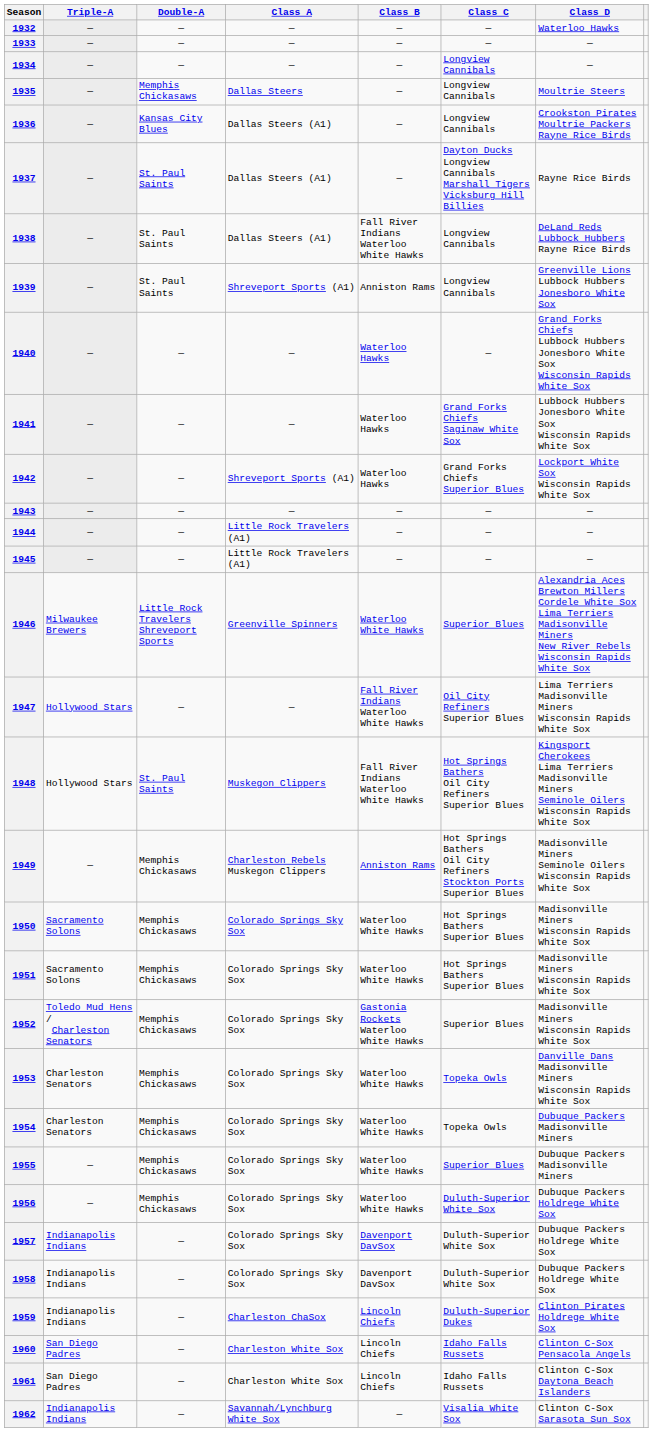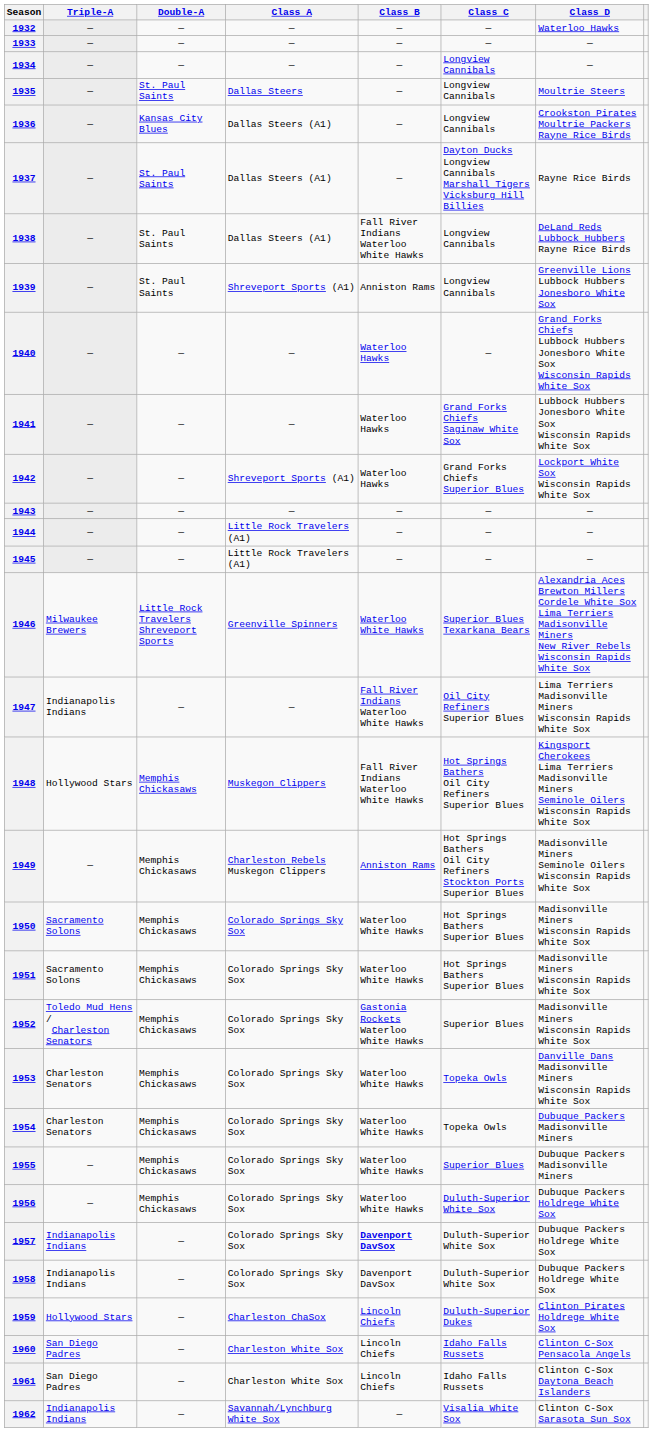 <table class="wikitable plainrowheaders">
 <tr>
 <th scope="col">Season</th>
 <th scope="col"><a href='#'><span>Triple-A</span></a></th>
 <th scope="col"><a href='#'><span>Double-A</span></a></th>
 <th scope="col"><a href='#'><span>Class A</span></a></th>
 <th scope="col"><a href='#'><span>Class B</span></a></th>
 <th scope="col"><a href='#'><span>Class C</span></a></th>
 <th scope="col"><a href='#'><span>Class D</span></a></th>
 <th scope="col"></th>
 </tr>
 <tr>
 <th scope="row" style="text-align:center"><a href='#'>1932</a></th>
 <td style="background:#ececec" align="center">—</td>
 <td align="center">—</td>
 <td align="center">—</td>
 <td align="center">—</td>
 <td align="center">—</td>
 <td><a href='#'>Waterloo Hawks</a></td>
 <td align="center"></td>
 </tr>
 <tr>
 <th scope="row" style="text-align:center"><a href='#'>1933</a></th>
 <td style="background:#ececec" align="center">—</td>
 <td align="center">—</td>
 <td align="center">—</td>
 <td align="center">—</td>
 <td align="center">—</td>
 <td align="center">—</td>
 <td align="center"></td>
 </tr>
 <tr>
 <th scope="row" style="text-align:center"><a href='#'>1934</a></th>
 <td style="background:#ececec" align="center">—</td>
 <td align="center">—</td>
 <td align="center">—</td>
 <td align="center">—</td>
 <td><a href='#'>Longview Cannibals</a></td>
 <td align="center">—</td>
 <td align="center"></td>
 </tr>
 <tr>
 <th scope="row" style="text-align:center"><a href='#'>1935</a></th>
 <td style="background:#ececec" align="center">—</td>
-<td><a href='#'>Memphis Chickasaws</a></td>
+<td><a href='#'>St. Paul Saints</a></td>
 <td><a href='#'>Dallas Steers</a></td>
 <td align="center">—</td>
 <td>Longview Cannibals</td>
 <td><a href='#'>Moultrie Steers</a></td>
 <td align="center"></td>
 </tr>
 <tr>
 <th scope="row" style="text-align:center"><a href='#'>1936</a></th>
 <td style="background:#ececec" align="center">—</td>
 <td><a href='#'>Kansas City Blues</a></td>
 <td>Dallas Steers (A1)</td>
 <td align="center">—</td>
 <td>Longview Cannibals</td>
 <td><a href='#'>Crookston Pirates</a><br><a href='#'>Moultrie Packers</a><br><a href='#'>Rayne Rice Birds</a></td>
 <td align="center"></td>
 </tr>
 <tr>
 <th scope="row" style="text-align:center"><a href='#'>1937</a></th>
 <td style="background:#ececec" align="center">—</td>
 <td><a href='#'>St. Paul Saints</a></td>
 <td>Dallas Steers (A1)</td>
 <td align="center">—</td>
 <td><a href='#'>Dayton Ducks</a><br>Longview Cannibals<br><a href='#'>Marshall Tigers</a><br><a href='#'>Vicksburg Hill Billies</a></td>
 <td>Rayne Rice Birds</td>
 <td align="center"></td>
 </tr>
 <tr>
 <th scope="row" style="text-align:center"><a href='#'>1938</a></th>
 <td style="background:#ececec" align="center">—</td>
 <td>St. Paul Saints</td>
 <td>Dallas Steers (A1)</td>
 <td>Fall River Indians<br>Waterloo White Hawks</td>
 <td>Longview Cannibals</td>
 <td><a href='#'>DeLand Reds</a><br><a href='#'>Lubbock Hubbers</a><br>Rayne Rice Birds</td>
 <td align="center"></td>
 </tr>
 <tr>
 <th scope="row" style="text-align:center"><a href='#'>1939</a></th>
 <td style="background:#ececec" align="center">—</td>
 <td>St. Paul Saints</td>
 <td><a href='#'>Shreveport Sports</a> (A1)</td>
 <td>Anniston Rams</td>
 <td>Longview Cannibals</td>
 <td><a href='#'>Greenville Lions</a><br>Lubbock Hubbers<br><a href='#'>Jonesboro White Sox</a></td>
 <td align="center"></td>
 </tr>
 <tr>
 <th scope="row" style="text-align:center"><a href='#'>1940</a></th>
 <td style="background:#ececec" align="center">—</td>
 <td align="center">—</td>
 <td align="center">—</td>
 <td><a href='#'>Waterloo Hawks</a></td>
 <td align="center">—</td>
 <td><a href='#'>Grand Forks Chiefs</a><br>Lubbock Hubbers<br>Jonesboro White Sox<br><a href='#'>Wisconsin Rapids White Sox</a></td>
 <td align="center"></td>
 </tr>
 <tr>
 <th scope="row" style="text-align:center"><a href='#'>1941</a></th>
 <td style="background:#ececec" align="center">—</td>
 <td align="center">—</td>
 <td align="center">—</td>
 <td>Waterloo Hawks</td>
 <td><a href='#'>Grand Forks Chiefs</a><br><a href='#'>Saginaw White Sox</a></td>
 <td>Lubbock Hubbers<br>Jonesboro White Sox<br>Wisconsin Rapids White Sox</td>
 <td align="center"></td>
 </tr>
 <tr>
 <th scope="row" style="text-align:center"><a href='#'>1942</a></th>
 <td style="background:#ececec" align="center">—</td>
 <td align="center">—</td>
 <td><a href='#'>Shreveport Sports</a> (A1)</td>
 <td>Waterloo Hawks</td>
 <td>Grand Forks Chiefs<br><a href='#'>Superior Blues</a></td>
 <td><a href='#'>Lockport White Sox</a><br>Wisconsin Rapids White Sox</td>
 <td align="center"></td>
 </tr>
 <tr>
 <th scope="row" style="text-align:center"><a href='#'>1943</a></th>
 <td style="background:#ececec" align="center">—</td>
 <td align="center">—</td>
 <td align="center">—</td>
 <td align="center">—</td>
 <td align="center">—</td>
 <td align="center">—</td>
 <td align="center"></td>
 </tr>
 <tr>
 <th scope="row" style="text-align:center"><a href='#'>1944</a></th>
 <td style="background:#ececec" align="center">—</td>
 <td align="center">—</td>
 <td><a href='#'>Little Rock Travelers</a> (A1)</td>
 <td align="center">—</td>
 <td align="center">—</td>
 <td align="center">—</td>
 <td align="center"></td>
 </tr>
 <tr>
 <th scope="row" style="text-align:center"><a href='#'>1945</a></th>
 <td style="background:#ececec" align="center">—</td>
 <td align="center">—</td>
 <td>Little Rock Travelers (A1)</td>
 <td align="center">—</td>
 <td align="center">—</td>
 <td align="center">—</td>
 <td align="center"></td>
 </tr>
 <tr>
 <th scope="row" style="text-align:center"><a href='#'>1946</a></th>
 <td><a href='#'>Milwaukee Brewers</a></td>
 <td><a href='#'>Little Rock Travelers</a><br><a href='#'>Shreveport Sports</a></td>
 <td><a href='#'>Greenville Spinners</a></td>
 <td><a href='#'>Waterloo White Hawks</a></td>
-<td><a href='#'>Superior Blues</a></td>
+<td><a href='#'>Superior Blues</a><br><a href='#'>Texarkana Bears</a></td>
 <td><a href='#'>Alexandria Aces</a><br><a href='#'>Brewton Millers</a><br><a href='#'>Cordele White Sox</a><br><a href='#'>Lima Terriers</a><br><a href='#'>Madisonville Miners</a><br><a href='#'>New River Rebels</a><br><a href='#'>Wisconsin Rapids White Sox</a></td>
 <td align="center"></td>
 </tr>
 <tr>
 <th scope="row" style="text-align:center"><a href='#'>1947</a></th>
-<td><a href='#'>Hollywood Stars</a></td>
+<td>Indianapolis Indians</td>
 <td align="center">—</td>
 <td align="center">—</td>
 <td><a href='#'>Fall River Indians</a><br>Waterloo White Hawks</td>
 <td><a href='#'>Oil City Refiners</a><br>Superior Blues</td>
 <td>Lima Terriers<br>Madisonville Miners<br>Wisconsin Rapids White Sox</td>
 <td align="center"></td>
 </tr>
 <tr>
 <th scope="row" style="text-align:center"><a href='#'>1948</a></th>
 <td>Hollywood Stars</td>
-<td><a href='#'>St. Paul Saints</a></td>
+<td><a href='#'>Memphis Chickasaws</a></td>
 <td><a href='#'>Muskegon Clippers</a></td>
 <td>Fall River Indians<br>Waterloo White Hawks</td>
 <td><a href='#'>Hot Springs Bathers</a><br>Oil City Refiners<br>Superior Blues</td>
 <td><a href='#'>Kingsport Cherokees</a><br>Lima Terriers<br>Madisonville Miners<br><a href='#'>Seminole Oilers</a><br>Wisconsin Rapids White Sox</td>
 <td align="center"></td>
 </tr>
 <tr>
 <th scope="row" style="text-align:center"><a href='#'>1949</a></th>
 <td align="center">—</td>
 <td>Memphis Chickasaws</td>
 <td><a href='#'>Charleston Rebels</a><br>Muskegon Clippers</td>
 <td><a href='#'>Anniston Rams</a></td>
 <td>Hot Springs Bathers<br>Oil City Refiners<br><a href='#'>Stockton Ports</a><br>Superior Blues</td>
 <td>Madisonville Miners<br>Seminole Oilers<br>Wisconsin Rapids White Sox</td>
 <td align="center"></td>
 </tr>
 <tr>
 <th scope="row" style="text-align:center"><a href='#'>1950</a></th>
 <td><a href='#'>Sacramento Solons</a></td>
 <td>Memphis Chickasaws</td>
 <td><a href='#'>Colorado Springs Sky Sox</a></td>
 <td>Waterloo White Hawks</td>
 <td>Hot Springs Bathers<br>Superior Blues</td>
 <td>Madisonville Miners<br>Wisconsin Rapids White Sox</td>
 <td align="center"></td>
 </tr>
 <tr>
 <th scope="row" style="text-align:center"><a href='#'>1951</a></th>
 <td>Sacramento Solons</td>
 <td>Memphis Chickasaws</td>
 <td>Colorado Springs Sky Sox</td>
 <td>Waterloo White Hawks</td>
 <td>Hot Springs Bathers<br>Superior Blues</td>
 <td>Madisonville Miners<br>Wisconsin Rapids White Sox</td>
 <td align="center"></td>
 </tr>
 <tr>
 <th scope="row" style="text-align:center"><a href='#'>1952</a></th>
 <td><a href='#'>Toledo Mud Hens</a> /<br> <a href='#'>Charleston Senators</a></td>
 <td>Memphis Chickasaws</td>
 <td>Colorado Springs Sky Sox</td>
 <td><a href='#'>Gastonia Rockets</a><br>Waterloo White Hawks</td>
 <td>Superior Blues</td>
 <td>Madisonville Miners<br>Wisconsin Rapids White Sox</td>
 <td align="center"></td>
 </tr>
 <tr>
 <th scope="row" style="text-align:center"><a href='#'>1953</a></th>
 <td>Charleston Senators</td>
 <td>Memphis Chickasaws</td>
 <td>Colorado Springs Sky Sox</td>
 <td>Waterloo White Hawks</td>
 <td><a href='#'>Topeka Owls</a></td>
 <td><a href='#'>Danville Dans</a><br>Madisonville Miners<br>Wisconsin Rapids White Sox</td>
 <td align="center"></td>
 </tr>
 <tr>
 <th scope="row" style="text-align:center"><a href='#'>1954</a></th>
 <td>Charleston Senators</td>
 <td>Memphis Chickasaws</td>
 <td>Colorado Springs Sky Sox</td>
 <td>Waterloo White Hawks</td>
 <td>Topeka Owls</td>
 <td><a href='#'>Dubuque Packers</a><br>Madisonville Miners</td>
 <td align="center"></td>
 </tr>
 <tr>
 <th scope="row" style="text-align:center"><a href='#'>1955</a></th>
 <td align="center">—</td>
 <td>Memphis Chickasaws</td>
 <td>Colorado Springs Sky Sox</td>
 <td>Waterloo White Hawks</td>
 <td><a href='#'>Superior Blues</a></td>
 <td>Dubuque Packers<br>Madisonville Miners</td>
 <td align="center"></td>
 </tr>
 <tr>
 <th scope="row" style="text-align:center"><a href='#'>1956</a></th>
 <td align="center">—</td>
 <td>Memphis Chickasaws</td>
 <td>Colorado Springs Sky Sox</td>
 <td>Waterloo White Hawks</td>
 <td><a href='#'>Duluth-Superior White Sox</a></td>
 <td>Dubuque Packers<br><a href='#'>Holdrege White Sox</a></td>
 <td align="center"></td>
 </tr>
 <tr>
 <th scope="row" style="text-align:center"><a href='#'>1957</a></th>
 <td><a href='#'>Indianapolis Indians</a></td>
 <td align="center">—</td>
 <td>Colorado Springs Sky Sox</td>
-<td><a href='#'>Davenport DavSox</a></td>
+<td><strong><a href='#'>Davenport DavSox</a></strong></td>
 <td>Duluth-Superior White Sox</td>
 <td>Dubuque Packers<br>Holdrege White Sox</td>
 <td align="center"></td>
 </tr>
 <tr>
 <th scope="row" style="text-align:center"><a href='#'>1958</a></th>
 <td>Indianapolis Indians</td>
 <td align="center">—</td>
 <td>Colorado Springs Sky Sox</td>
 <td>Davenport DavSox</td>
 <td>Duluth-Superior White Sox</td>
 <td>Dubuque Packers<br>Holdrege White Sox</td>
 <td align="center"></td>
 </tr>
 <tr>
 <th scope="row" style="text-align:center"><a href='#'>1959</a></th>
-<td>Indianapolis Indians</td>
+<td><a href='#'>Hollywood Stars</a></td>
 <td align="center">—</td>
 <td><a href='#'>Charleston ChaSox</a></td>
 <td><a href='#'>Lincoln Chiefs</a></td>
 <td><a href='#'>Duluth-Superior Dukes</a></td>
 <td><a href='#'>Clinton Pirates</a><br><a href='#'>Holdrege White Sox</a></td>
 <td align="center"></td>
 </tr>
 <tr>
 <th scope="row" style="text-align:center"><a href='#'>1960</a></th>
 <td><a href='#'>San Diego Padres</a></td>
 <td align="center">—</td>
 <td><a href='#'>Charleston White Sox</a></td>
 <td>Lincoln Chiefs</td>
 <td><a href='#'>Idaho Falls Russets</a></td>
 <td><a href='#'>Clinton C-Sox</a><br><a href='#'>Pensacola Angels</a></td>
 <td align="center"></td>
 </tr>
 <tr>
 <th scope="row" style="text-align:center"><a href='#'>1961</a></th>
 <td>San Diego Padres</td>
 <td align="center">—</td>
 <td>Charleston White Sox</td>
 <td>Lincoln Chiefs</td>
 <td>Idaho Falls Russets</td>
 <td>Clinton C-Sox<br><a href='#'>Daytona Beach Islanders</a></td>
 <td align="center"></td>
 </tr>
 <tr>
 <th scope="row" style="text-align:center"><a href='#'>1962</a></th>
 <td><a href='#'>Indianapolis Indians</a></td>
 <td align="center">—</td>
 <td><a href='#'>Savannah/Lynchburg White Sox</a></td>
 <td align="center">—</td>
 <td><a href='#'>Visalia White Sox</a></td>
 <td>Clinton C-Sox<br><a href='#'>Sarasota Sun Sox</a></td>
 <td align="center"></td>
 </tr>
 </table>
